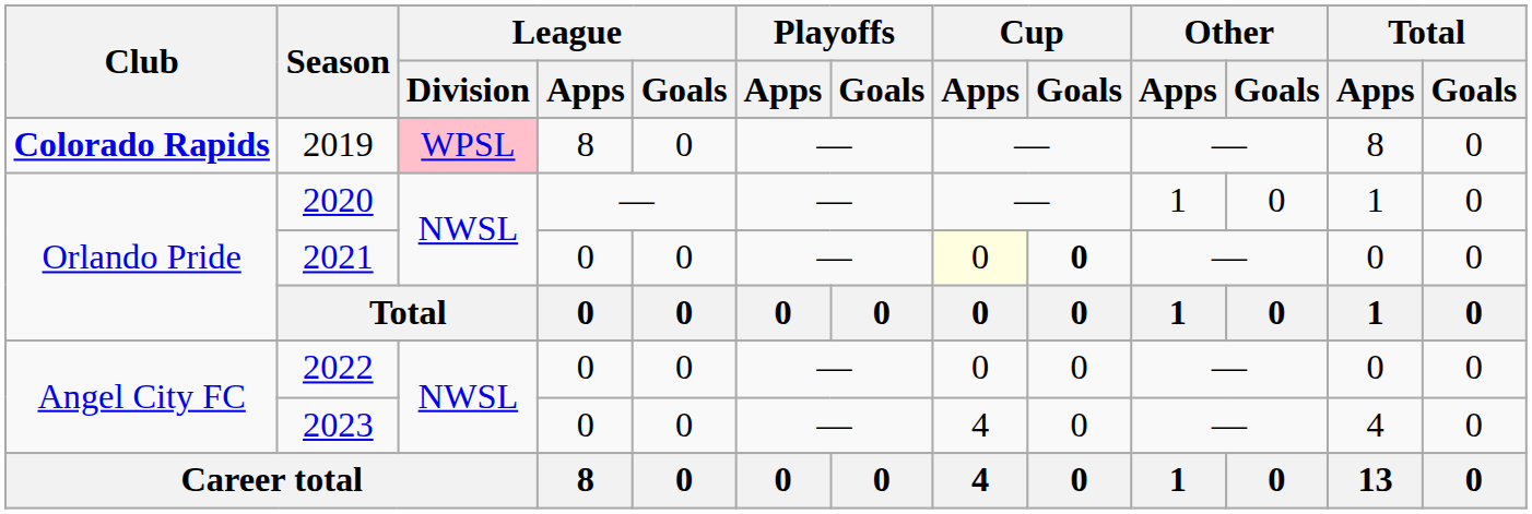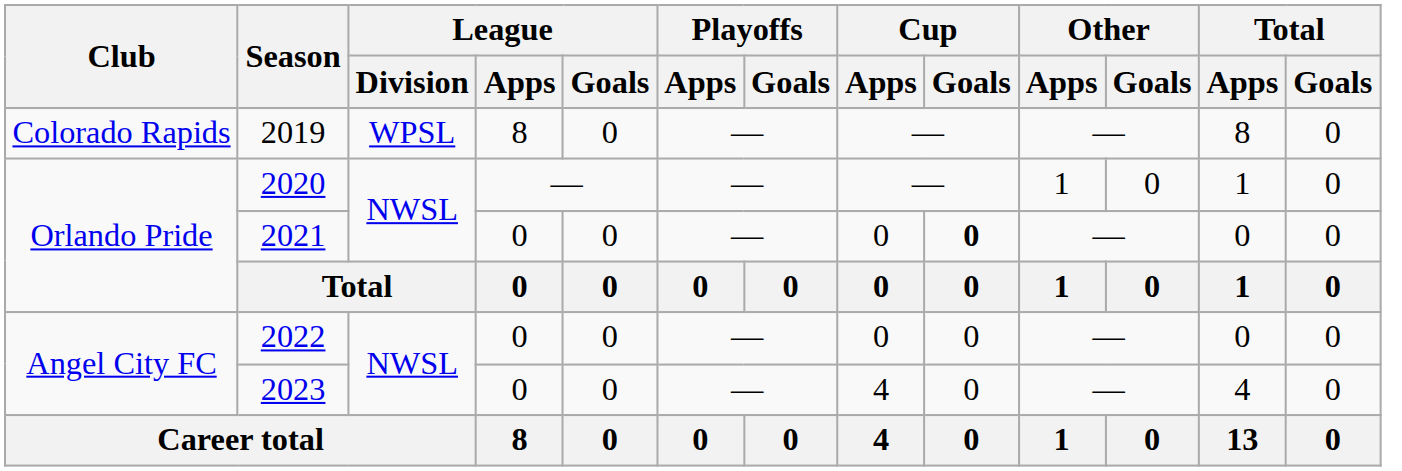 <table class="wikitable" style="text-align: center;">
 <tr>
 <th rowspan="2">Club</th>
 <th rowspan="2">Season</th>
 <th colspan="3">League</th>
 <th colspan="2">Playoffs</th>
 <th colspan="2">Cup</th>
 <th colspan="2">Other</th>
 <th colspan="2">Total</th>
 </tr>
 <tr>
 <th>Division</th>
 <th>Apps</th>
 <th>Goals</th>
 <th>Apps</th>
 <th>Goals</th>
 <th>Apps</th>
 <th>Goals</th>
 <th>Apps</th>
 <th>Goals</th>
 <th>Apps</th>
 <th>Goals</th>
 </tr>
 <tr>
-<td><strong><a href='#'>Colorado Rapids</a></strong></td>
+<td><a href='#'>Colorado Rapids</a></td>
 <td>2019</td>
-<td style="background: pink;"><a href='#'>WPSL</a></td>
+<td><a href='#'>WPSL</a></td>
 <td>8</td>
 <td>0</td>
 <td colspan="2">—</td>
 <td colspan="2">—</td>
 <td colspan="2">—</td>
 <td>8</td>
 <td>0</td>
 </tr>
 <tr>
 <td rowspan="3"><a href='#'>Orlando Pride</a></td>
 <td><a href='#'>2020</a></td>
 <td rowspan="2"><a href='#'>NWSL</a></td>
 <td colspan="2">—</td>
 <td colspan="2">—</td>
 <td colspan="2">—</td>
 <td>1</td>
 <td>0</td>
 <td>1</td>
 <td>0</td>
 </tr>
 <tr>
 <td><a href='#'>2021</a></td>
 <td>0</td>
 <td>0</td>
 <td colspan="2">—</td>
-<td style="background: lightyellow;">0</td>
+<td>0</td>
 <td><strong>0</strong></td>
 <td colspan="2">—</td>
 <td>0</td>
 <td>0</td>
 </tr>
 <tr>
 <th colspan="2">Total</th>
 <th>0</th>
 <th>0</th>
 <th>0</th>
 <th>0</th>
 <th>0</th>
 <th>0</th>
 <th>1</th>
 <th>0</th>
 <th>1</th>
 <th>0</th>
 </tr>
 <tr>
 <td rowspan="2"><a href='#'>Angel City FC</a></td>
 <td><a href='#'>2022</a></td>
 <td rowspan="2"><a href='#'>NWSL</a></td>
 <td>0</td>
 <td>0</td>
 <td colspan="2">—</td>
 <td>0</td>
 <td>0</td>
 <td colspan="2">—</td>
 <td>0</td>
 <td>0</td>
 </tr>
 <tr>
 <td><a href='#'>2023</a></td>
 <td>0</td>
 <td>0</td>
 <td colspan="2">—</td>
 <td>4</td>
 <td>0</td>
 <td colspan="2">—</td>
 <td>4</td>
 <td>0</td>
 </tr>
 <tr>
 <th colspan="3">Career total</th>
 <th>8</th>
 <th>0</th>
 <th>0</th>
 <th>0</th>
 <th>4</th>
 <th>0</th>
 <th>1</th>
 <th>0</th>
 <th>13</th>
 <th>0</th>
 </tr>
 </table>
